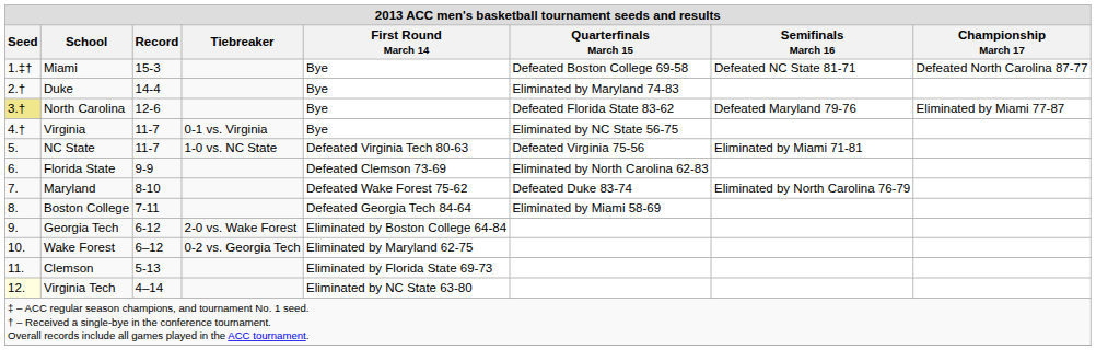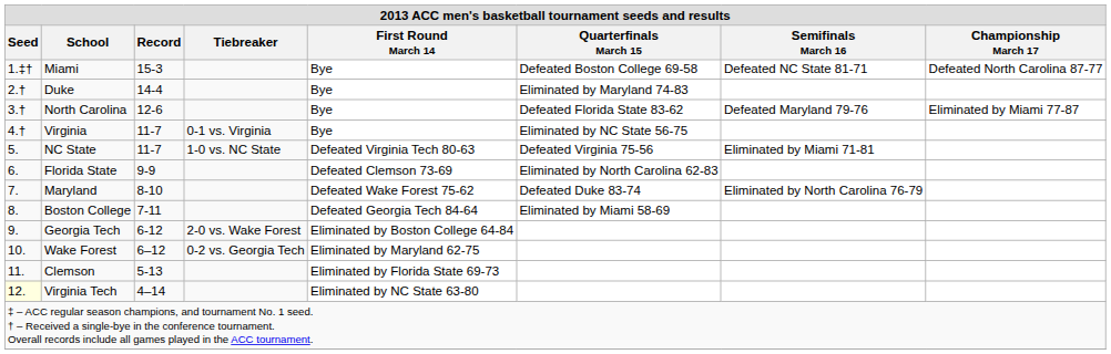 <table class="wikitable" style="white-space:nowrap; font-size:90%;">
 <tr>
 <td colspan="10" style="text-align:center; background:#DDDDDD; font:#000000"><strong>2013 ACC men's basketball tournament seeds and results</strong></td>
 </tr>
 <tr bgcolor="#efefef">
 <th>Seed</th>
 <th>School</th>
 <th>Record</th>
 <th>Tiebreaker</th>
 <th>First Round<br><small>March 14</small></th>
 <th>Quarterfinals<br><small>March 15</small></th>
 <th>Semifinals<br><small>March 16</small></th>
 <th>Championship<br><small>March 17</small></th>
 </tr>
 <tr>
 <td>1.‡†</td>
 <td>Miami</td>
 <td>15-3</td>
 <td></td>
 <td style="background:#fff;">Bye</td>
 <td style="background:#fff;">Defeated Boston College 69-58</td>
 <td style="background:#fff;">Defeated NC State 81-71</td>
 <td style="background:#fff;">Defeated North Carolina 87-77</td>
 </tr>
 <tr>
 <td>2.†</td>
 <td>Duke</td>
 <td>14-4</td>
 <td></td>
 <td style="background:#fff;">Bye</td>
 <td style="background:#fff;">Eliminated by Maryland 74-83</td>
 <td style="background:#fff;"></td>
 <td style="background:#fff;"></td>
 </tr>
 <tr>
-<td style="background: khaki;">3.†</td>
+<td>3.†</td>
 <td>North Carolina</td>
 <td>12-6</td>
 <td></td>
 <td style="background:#fff;">Bye</td>
 <td style="background:#fff;">Defeated Florida State 83-62</td>
 <td style="background:#fff;">Defeated Maryland 79-76</td>
 <td style="background:#fff;">Eliminated by Miami 77-87</td>
 </tr>
 <tr>
 <td>4.†</td>
 <td>Virginia</td>
 <td>11-7</td>
 <td>0-1 vs. Virginia</td>
 <td style="background:#fff;">Bye</td>
 <td style="background:#fff;">Eliminated by NC State 56-75</td>
 <td style="background:#fff;"></td>
 <td style="background:#fff;"></td>
 </tr>
 <tr>
 <td>5.</td>
 <td>NC State</td>
 <td>11-7</td>
 <td>1-0 vs. NC State</td>
 <td style="background:#fff;">Defeated Virginia Tech 80-63</td>
 <td style="background:#fff;">Defeated Virginia 75-56</td>
 <td style="background:#fff;">Eliminated by Miami 71-81</td>
 <td style="background:#fff;"></td>
 </tr>
 <tr>
 <td>6.</td>
 <td>Florida State</td>
 <td>9-9</td>
 <td></td>
 <td style="background:#fff;">Defeated Clemson 73-69</td>
 <td style="background:#fff;">Eliminated by North Carolina 62-83</td>
 <td style="background:#fff;"></td>
 <td style="background:#fff;"></td>
 </tr>
 <tr>
 <td>7.</td>
 <td>Maryland</td>
 <td>8-10</td>
 <td></td>
 <td style="background:#fff;">Defeated Wake Forest 75-62</td>
 <td style="background:#fff;">Defeated Duke 83-74</td>
 <td style="background:#fff;">Eliminated by North Carolina 76-79</td>
 <td style="background:#fff;"></td>
 </tr>
 <tr>
 <td>8.</td>
 <td>Boston College</td>
 <td>7-11</td>
 <td></td>
 <td style="background:#fff;">Defeated Georgia Tech 84-64</td>
 <td style="background:#fff;">Eliminated by Miami 58-69</td>
 <td style="background:#fff;"></td>
 <td style="background:#fff;"></td>
 </tr>
 <tr>
 <td>9.</td>
 <td>Georgia Tech</td>
 <td>6-12</td>
 <td>2-0 vs. Wake Forest</td>
 <td style="background:#fff;">Eliminated by Boston College 64-84</td>
 <td style="background:#fff;"></td>
 <td style="background:#fff;"></td>
 <td style="background:#fff;"></td>
 </tr>
 <tr>
 <td>10.</td>
 <td>Wake Forest</td>
 <td>6–12</td>
 <td>0-2 vs. Georgia Tech</td>
 <td style="background:#fff;">Eliminated by Maryland 62-75</td>
 <td style="background:#fff;"></td>
 <td style="background:#fff;"></td>
 <td style="background:#fff;"></td>
 </tr>
 <tr>
 <td>11.</td>
 <td>Clemson</td>
 <td>5-13</td>
 <td></td>
 <td style="background:#fff;">Eliminated by Florida State 69-73</td>
 <td style="background:#fff;"></td>
 <td style="background:#fff;"></td>
 <td style="background:#fff;"></td>
 </tr>
 <tr>
 <td style="background: lightyellow;">12.</td>
 <td>Virginia Tech</td>
 <td>4–14</td>
 <td></td>
 <td style="background:#fff;">Eliminated by NC State 63-80</td>
 <td style="background:#fff;"></td>
 <td style="background:#fff;"></td>
 <td style="background:#fff;"></td>
 </tr>
 <tr>
 <td colspan="10" style="text-align:left;"><small>‡ – ACC regular season champions, and tournament No. 1 seed.<br>† – Received a single-bye in the conference tournament.<br>Overall records include all games played in the <a href='#'>ACC tournament</a>.</small></td>
 </tr>
 <tr>
 </tr>
 </table>
